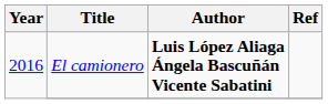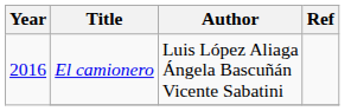 <table class="wikitable sortable">
 <tr>
 <th>Year</th>
 <th>Title</th>
 <th>Author</th>
 <th>Ref</th>
 </tr>
 <tr>
 <td rowspan="4"><a href='#'>2016</a></td>
 <td><em><a href='#'>El camionero</a></em></td>
-<td><strong>Luis López Aliaga<br>Ángela Bascuñán<br>Vicente Sabatini</strong></td>
+<td>Luis López Aliaga<br>Ángela Bascuñán<br>Vicente Sabatini</td>
 <td></td>
 </tr>
 <tr>
 </tr>
 </table>
